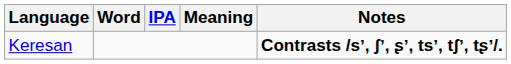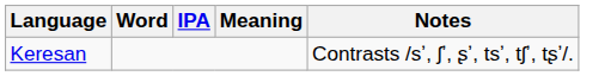 <table class="wikitable">
 <tr>
 <th colspan="2">Language</th>
 <th>Word</th>
 <th><a href='#'>IPA</a></th>
 <th>Meaning</th>
 <th>Notes</th>
 </tr>
 <tr>
 <td colspan=2><a href='#'>Keresan</a></td>
 <td colspan=3></td>
-<td><strong>Contrasts /sʼ, ʃʼ, ʂʼ, tsʼ, tʃʼ, tʂʼ/.</strong></td>
+<td>Contrasts /sʼ, ʃʼ, ʂʼ, tsʼ, tʃʼ, tʂʼ/.</td>
 </tr>
 </table>
